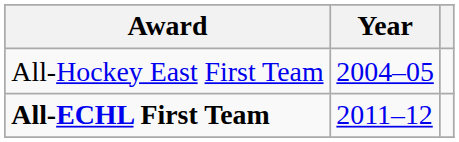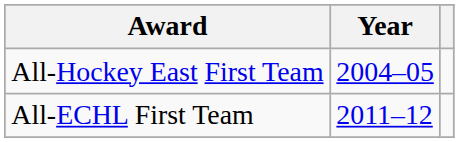 <table class="wikitable">
 <tr>
 <th>Award</th>
 <th>Year</th>
 <th></th>
 </tr>
 <tr>
 <td>All-<a href='#'>Hockey East</a> <a href='#'>First Team</a></td>
 <td><a href='#'>2004–05</a></td>
 <td></td>
 </tr>
 <tr>
-<td><strong>All-<a href='#'>ECHL</a> First Team</strong></td>
+<td>All-<a href='#'>ECHL</a> First Team</td>
 <td><a href='#'>2011–12</a></td>
 <td></td>
 </tr>
 </table>
